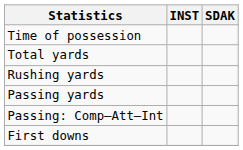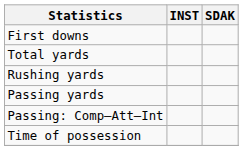 <table class="wikitable" style="float: left;">
 <tr>
 <th>Statistics</th>
 <th>INST</th>
 <th>SDAK</th>
 </tr>
 <tr>
-<td>Time of possession</td>
+<td>First downs</td>
 <td></td>
 <td></td>
 </tr>
 <tr>
 <td>Total yards</td>
 <td></td>
 <td></td>
 </tr>
 <tr>
 <td>Rushing yards</td>
 <td></td>
 <td></td>
 </tr>
 <tr>
 <td>Passing yards</td>
 <td></td>
 <td></td>
 </tr>
 <tr>
 <td>Passing: Comp–Att–Int</td>
 <td></td>
 <td></td>
 </tr>
 <tr>
-<td>First downs</td>
+<td>Time of possession</td>
 <td></td>
 <td></td>
 </tr>
 <tr>
 </tr>
 </table>
